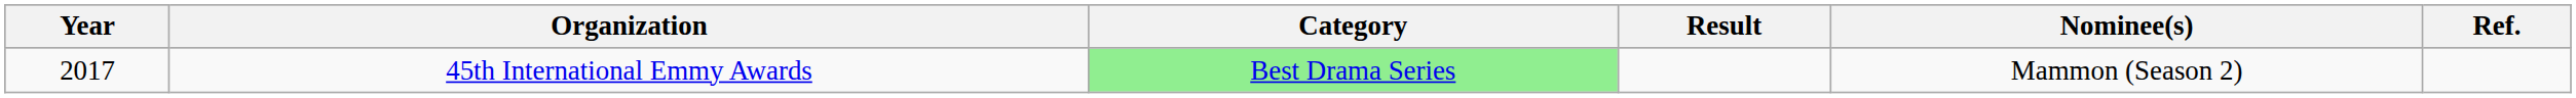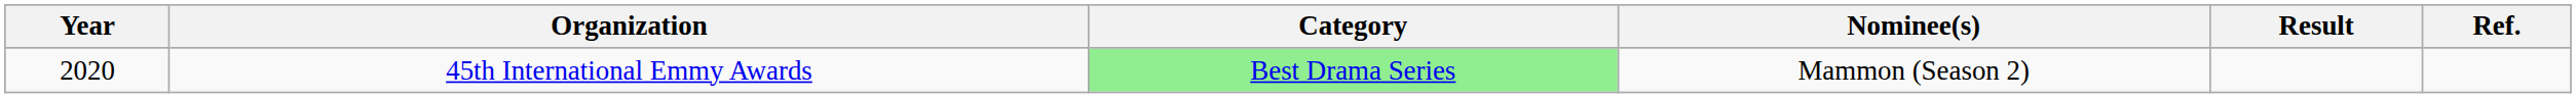 <table class="wikitable" width="75%" ; style="text-align:center;">
 <tr>
 <th>Year</th>
 <th>Organization</th>
 <th>Category</th>
+<th>Nominee(s)</th>
 <th>Result</th>
-<th>Nominee(s)</th>
 <th>Ref.</th>
 </tr>
 <tr>
-<td>2017</td>
+<td>2020</td>
 <td><a href='#'>45th International Emmy Awards</a></td>
 <td style="background: lightgreen;"><a href='#'>Best Drama Series</a></td>
+<td>Mammon (Season 2)</td>
 <td></td>
-<td>Mammon (Season 2)</td>
 <td></td>
 </tr>
 </table>
